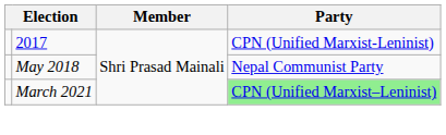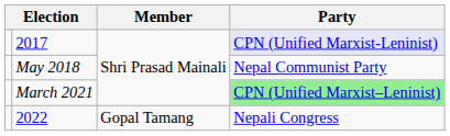 <table class="wikitable">
 <tr>
 <th colspan="2">Election</th>
 <th>Member</th>
 <th>Party</th>
 </tr>
 <tr>
 <td style="background-color:"></td>
 <td><a href='#'>2017</a></td>
 <td rowspan="3">Shri Prasad Mainali</td>
-<td><a href='#'>CPN (Unified Marxist-Leninist)</a></td>
+<td style="background: lavender;"><a href='#'>CPN (Unified Marxist-Leninist)</a></td>
 </tr>
 <tr>
 <td style="background-color:"></td>
 <td><em>May 2018</em></td>
 <td><a href='#'>Nepal Communist Party</a></td>
 </tr>
 <tr>
 <td style="background-color:"></td>
 <td><em>March 2021</em></td>
 <td style="background: lightgreen;"><a href='#'>CPN (Unified Marxist–Leninist)</a></td>
 </tr>
+<tr>
+<td style="background-color:"></td>
+<td><a href='#'>2022</a></td>
+<td>Gopal Tamang</td>
+<td><a href='#'>Nepali Congress</a></td>
+</tr>
 </table>
